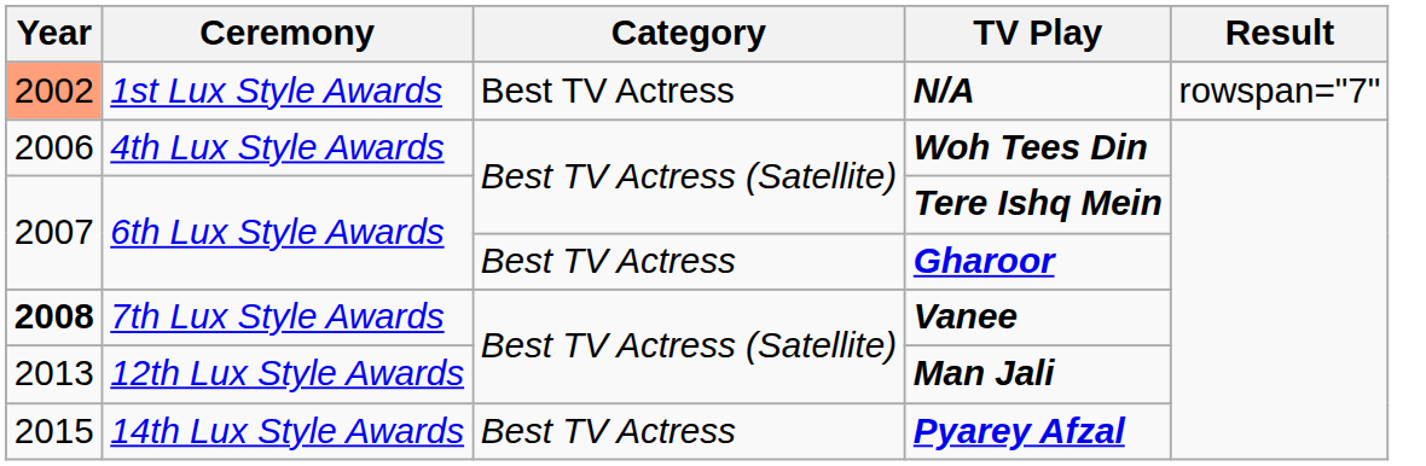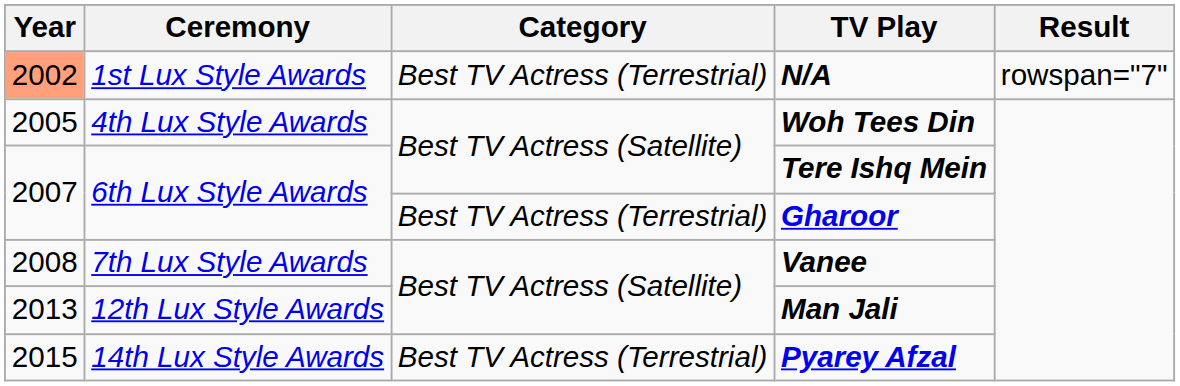 <table class="wikitable style">
 <tr>
 <th>Year</th>
 <th>Ceremony</th>
 <th>Category</th>
 <th>TV Play</th>
 <th>Result</th>
 </tr>
 <tr>
 <td style="background: lightsalmon;">2002</td>
 <td><em><a href='#'>1st Lux Style Awards</a></em></td>
-<td>Best TV Actress</td>
+<td><em>Best TV Actress</em> <em>(Terrestrial)</em></td>
 <td><strong><em>N/A</em></strong></td>
 <td>rowspan="7" </td>
 </tr>
 <tr>
-<td>2006</td>
+<td>2005</td>
 <td><em><a href='#'>4th Lux Style Awards</a></em></td>
 <td rowspan="2"><em>Best TV Actress</em> <em>(Satellite)</em></td>
 <td><strong><em>Woh Tees Din</em></strong></td>
 </tr>
 <tr>
 <td rowspan="2">2007</td>
 <td rowspan="2"><em><a href='#'>6th Lux Style Awards</a></em></td>
 <td><strong><em>Tere Ishq Mein</em></strong></td>
 </tr>
 <tr>
-<td><em>Best TV Actress</em></td>
+<td><em>Best TV Actress</em> <em>(Terrestrial)</em></td>
 <td><strong><em><a href='#'>Gharoor</a></em></strong></td>
 </tr>
 <tr>
-<td><strong>2008</strong></td>
+<td>2008</td>
 <td><em><a href='#'>7th Lux Style Awards</a></em></td>
 <td rowspan="2"><em>Best TV Actress</em> <em>(Satellite)</em></td>
 <td><strong><em>Vanee</em></strong></td>
 </tr>
 <tr>
 <td>2013</td>
 <td><em><a href='#'>12th Lux Style Awards</a></em></td>
 <td><strong><em>Man Jali</em></strong></td>
 </tr>
 <tr>
 <td>2015</td>
 <td><em><a href='#'>14th Lux Style Awards</a></em></td>
-<td><em>Best TV Actress</em></td>
+<td><em>Best TV Actress</em> <em>(Terrestrial)</em></td>
 <td><strong><em><a href='#'>Pyarey Afzal</a></em></strong></td>
 </tr>
 </table>
